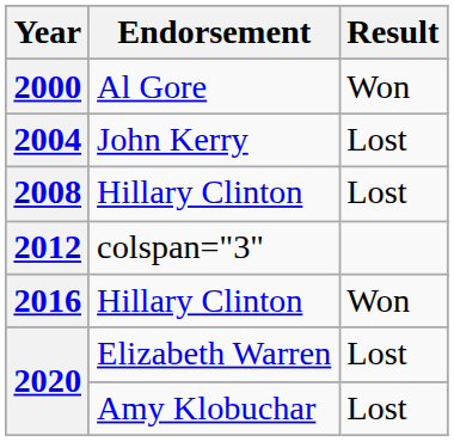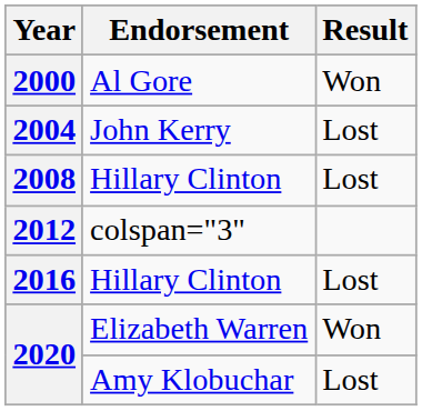 <table class="wikitable sortable">
 <tr>
 <th scope=col>Year</th>
 <th scope=col>Endorsement</th>
 <th scope=col>Result</th>
 </tr>
 <tr>
 <th scope=row><a href='#'>2000</a></th>
 <td data-sort-value="Gore, Al"><a href='#'>Al Gore</a></td>
 <td>Won</td>
 </tr>
 <tr>
 <th scope=row><a href='#'>2004</a></th>
 <td data-sort-value="Kerry, John"><a href='#'>John Kerry</a></td>
 <td>Lost</td>
 </tr>
 <tr>
 <th scope=row><a href='#'>2008</a></th>
 <td data-sort-value="Clinton, Hillary"><a href='#'>Hillary Clinton</a></td>
 <td>Lost</td>
 </tr>
 <tr>
 <th scope=row><a href='#'>2012</a></th>
 <td>colspan="3" </td>
 </tr>
 <tr>
 <th scope=row><a href='#'>2016</a></th>
 <td data-sort-value="Clinton, Hillary"><a href='#'>Hillary Clinton</a></td>
-<td>Won</td>
+<td>Lost</td>
 </tr>
 <tr>
 <th scope=row rowspan="2"><a href='#'>2020</a></th>
 <td data-sort-value="Warren, Elizabeth"><a href='#'>Elizabeth Warren</a></td>
-<td>Lost</td>
+<td>Won</td>
 </tr>
 <tr>
 <td data-sort-value="Klobuchar, Amy"><a href='#'>Amy Klobuchar</a></td>
 <td>Lost</td>
 </tr>
 </table>
